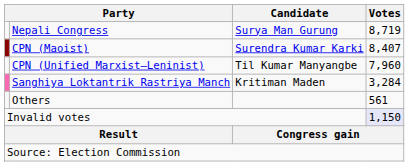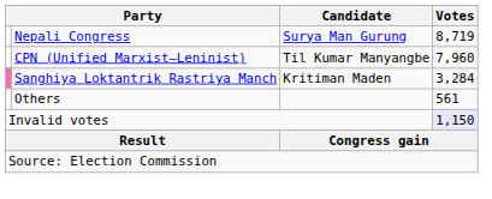 <table class="wikitable">
 <tr>
 <th colspan="2">Party</th>
 <th>Candidate</th>
 <th>Votes</th>
 </tr>
 <tr>
 <td style="background-color:"></td>
 <td><a href='#'>Nepali Congress</a></td>
 <td><a href='#'>Surya Man Gurung</a></td>
 <td>8,719</td>
-</tr>
-<tr>
-<td style="background-color:darkred"></td>
-<td><a href='#'>CPN (Maoist)</a></td>
-<td><a href='#'>Surendra Kumar Karki</a></td>
-<td>8,407</td>
 </tr>
 <tr>
 <td style="background-color:"></td>
 <td><a href='#'>CPN (Unified Marxist–Leninist)</a></td>
 <td>Til Kumar Manyangbe</td>
 <td>7,960</td>
 </tr>
 <tr>
 <td style="background-color:hotpink"></td>
 <td><a href='#'>Sanghiya Loktantrik Rastriya Manch</a></td>
 <td>Kritiman Maden</td>
 <td>3,284</td>
 </tr>
 <tr>
 <td></td>
 <td>Others</td>
 <td></td>
 <td>561</td>
 </tr>
 <tr>
 <td colspan="3">Invalid votes</td>
 <td style="background: lavender;">1,150</td>
 </tr>
 <tr>
 <th colspan="2">Result</th>
 <th colspan="2">Congress gain</th>
 </tr>
 <tr>
 <td colspan="4">Source: Election Commission</td>
 </tr>
 </table>
